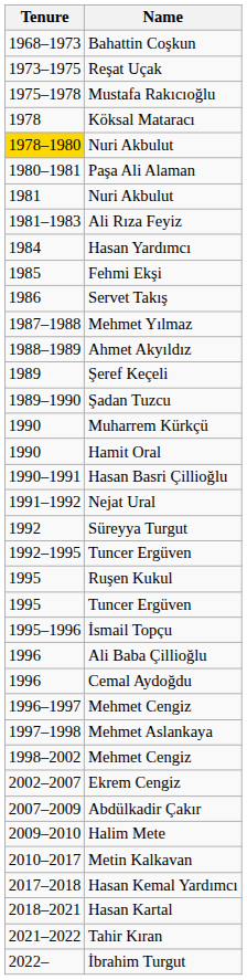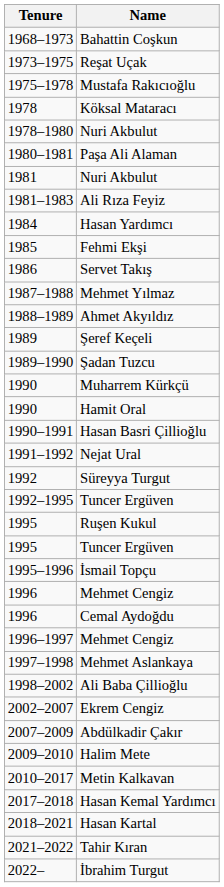 <table class="wikitable sortable">
 <tr>
 <th>Tenure</th>
 <th>Name</th>
 </tr>
 <tr>
 <td>1968–1973</td>
 <td> Bahattin Coşkun</td>
 </tr>
 <tr>
 <td>1973–1975</td>
 <td> Reşat Uçak</td>
 </tr>
 <tr>
 <td>1975–1978</td>
 <td> Mustafa Rakıcıoğlu</td>
 </tr>
 <tr>
 <td>1978</td>
 <td> Köksal Mataracı</td>
 </tr>
 <tr>
-<td style="background: gold;">1978–1980</td>
+<td>1978–1980</td>
 <td> Nuri Akbulut</td>
 </tr>
 <tr>
 <td>1980–1981</td>
 <td> Paşa Ali Alaman</td>
 </tr>
 <tr>
 <td>1981</td>
 <td> Nuri Akbulut</td>
 </tr>
 <tr>
 <td>1981–1983</td>
 <td> Ali Rıza Feyiz</td>
 </tr>
 <tr>
 <td>1984</td>
 <td> Hasan Yardımcı</td>
 </tr>
 <tr>
 <td>1985</td>
 <td> Fehmi Ekşi</td>
 </tr>
 <tr>
 <td>1986</td>
 <td> Servet Takış</td>
 </tr>
 <tr>
 <td>1987–1988</td>
 <td> Mehmet Yılmaz</td>
 </tr>
 <tr>
 <td>1988–1989</td>
 <td> Ahmet Akyıldız</td>
 </tr>
 <tr>
 <td>1989</td>
 <td> Şeref Keçeli</td>
 </tr>
 <tr>
 <td>1989–1990</td>
 <td> Şadan Tuzcu</td>
 </tr>
 <tr>
 <td>1990</td>
 <td> Muharrem Kürkçü</td>
 </tr>
 <tr>
 <td>1990</td>
 <td> Hamit Oral</td>
 </tr>
 <tr>
 <td>1990–1991</td>
 <td> Hasan Basri Çillioğlu</td>
 </tr>
 <tr>
 <td>1991–1992</td>
 <td> Nejat Ural</td>
 </tr>
 <tr>
 <td>1992</td>
 <td> Süreyya Turgut</td>
 </tr>
 <tr>
 <td>1992–1995</td>
 <td> Tuncer Ergüven</td>
 </tr>
 <tr>
 <td>1995</td>
 <td> Ruşen Kukul</td>
 </tr>
 <tr>
 <td>1995</td>
 <td> Tuncer Ergüven</td>
 </tr>
 <tr>
 <td>1995–1996</td>
 <td> İsmail Topçu</td>
 </tr>
 <tr>
 <td>1996</td>
-<td> Ali Baba Çillioğlu</td>
+<td> Mehmet Cengiz</td>
 </tr>
 <tr>
 <td>1996</td>
 <td> Cemal Aydoğdu</td>
 </tr>
 <tr>
 <td>1996–1997</td>
 <td> Mehmet Cengiz</td>
 </tr>
 <tr>
 <td>1997–1998</td>
 <td> Mehmet Aslankaya</td>
 </tr>
 <tr>
 <td>1998–2002</td>
-<td> Mehmet Cengiz</td>
+<td> Ali Baba Çillioğlu</td>
 </tr>
 <tr>
 <td>2002–2007</td>
 <td> Ekrem Cengiz</td>
 </tr>
 <tr>
 <td>2007–2009</td>
 <td> Abdülkadir Çakır</td>
 </tr>
 <tr>
 <td>2009–2010</td>
 <td> Halim Mete</td>
 </tr>
 <tr>
 <td>2010–2017</td>
 <td> Metin Kalkavan</td>
 </tr>
 <tr>
 <td>2017–2018</td>
 <td> Hasan Kemal Yardımcı</td>
 </tr>
 <tr>
 <td>2018–2021</td>
 <td> Hasan Kartal</td>
 </tr>
 <tr>
 <td>2021–2022</td>
 <td> Tahir Kıran</td>
 </tr>
 <tr>
 <td>2022–</td>
 <td> İbrahim Turgut</td>
 </tr>
 </table>
